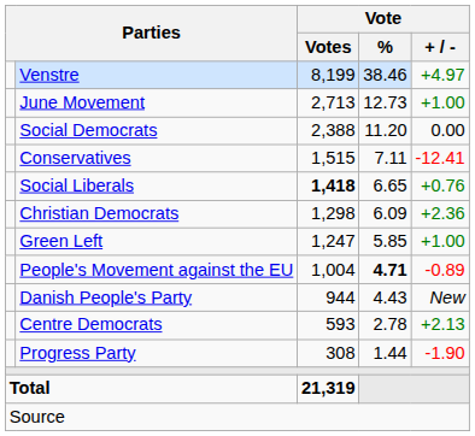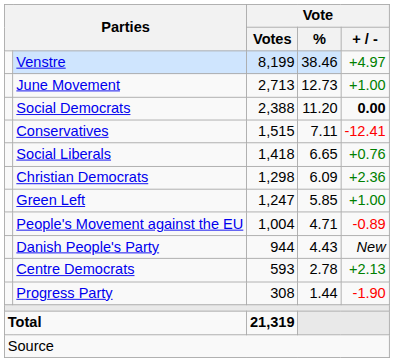 <table class="wikitable" style="text-align:right;">
 <tr>
 <th style="text-align:centre;" rowspan="2" colspan="2" width="225">Parties</th>
 <th colspan="3">Vote</th>
 </tr>
 <tr>
 <th width="15">Votes</th>
 <th width="15">%</th>
 <th width="15">+ / -</th>
 </tr>
 <tr>
 <td width="2" style="color:inherit;background:"></td>
 <td bgcolor=#cfe5fe   align="left"><a href='#'>Venstre</a></td>
 <td bgcolor=#cfe5fe>8,199</td>
 <td bgcolor=#cfe5fe>38.46</td>
 <td style=color:green;>+4.97</td>
 </tr>
 <tr>
 <td width="2" style="color:inherit;background:"></td>
 <td align="left"><a href='#'>June Movement</a></td>
 <td>2,713</td>
 <td>12.73</td>
 <td style=color:green;>+1.00</td>
 </tr>
 <tr>
 <td width="2" style="color:inherit;background:"></td>
 <td align="left"><a href='#'>Social Democrats</a></td>
 <td>2,388</td>
 <td>11.20</td>
-<td>0.00</td>
+<td><strong>0.00</strong></td>
 </tr>
 <tr>
 <td width="2" style="color:inherit;background:"></td>
 <td align="left"><a href='#'>Conservatives</a></td>
 <td>1,515</td>
 <td>7.11</td>
 <td style=color:red;>-12.41</td>
 </tr>
 <tr>
 <td width="2" style="color:inherit;background:"></td>
 <td align="left"><a href='#'>Social Liberals</a></td>
-<td><strong>1,418</strong></td>
+<td>1,418</td>
 <td>6.65</td>
 <td style=color:green;>+0.76</td>
 </tr>
 <tr>
 <td width="2" style="color:inherit;background:"></td>
 <td align="left"><a href='#'>Christian Democrats</a></td>
 <td>1,298</td>
 <td>6.09</td>
 <td style=color:green;>+2.36</td>
 </tr>
 <tr>
 <td width="2" style="color:inherit;background:"></td>
 <td align="left"><a href='#'>Green Left</a></td>
 <td>1,247</td>
 <td>5.85</td>
 <td style=color:green;>+1.00</td>
 </tr>
 <tr>
 <td width="2" style="color:inherit;background:"></td>
 <td align="left"><a href='#'>People's Movement against the EU</a></td>
 <td>1,004</td>
-<td><strong>4.71</strong></td>
+<td>4.71</td>
 <td style=color:red;>-0.89</td>
 </tr>
 <tr>
 <td width="2" style="color:inherit;background:"></td>
 <td align="left"><a href='#'>Danish People's Party</a></td>
 <td>944</td>
 <td>4.43</td>
 <td><em>New</em></td>
 </tr>
 <tr>
 <td width="2" style="color:inherit;background:"></td>
 <td align="left"><a href='#'>Centre Democrats</a></td>
 <td>593</td>
 <td>2.78</td>
 <td style=color:green;>+2.13</td>
 </tr>
 <tr>
 <td width="2" style="color:inherit;background:"></td>
 <td align="left"><a href='#'>Progress Party</a></td>
 <td>308</td>
 <td>1.44</td>
 <td style=color:red;>-1.90</td>
 </tr>
 <tr>
 <td colspan="7" bgcolor="#E9E9E9"></td>
 </tr>
 <tr>
 <td align="left" colspan="2"><strong>Total</strong></td>
 <td><strong>21,319</strong></td>
 <td bgcolor="#E9E9E9" colspan="2"></td>
 </tr>
 <tr>
 <td align="left" colspan="6">Source</td>
 </tr>
 </table>
